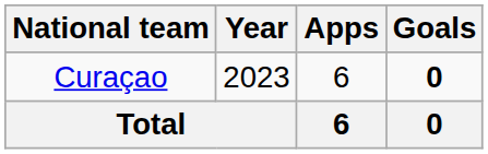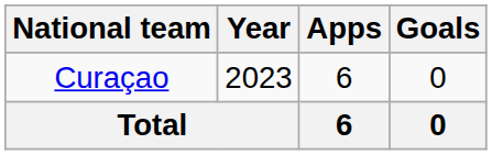 <table class=wikitable style="text-align:center">
 <tr>
 <th>National team</th>
 <th>Year</th>
 <th>Apps</th>
 <th>Goals</th>
 </tr>
 <tr>
 <td><a href='#'>Curaçao</a></td>
 <td>2023</td>
 <td>6</td>
-<td><strong>0</strong></td>
+<td>0</td>
 </tr>
 <tr>
 <th colspan="2">Total</th>
 <th>6</th>
 <th>0</th>
 </tr>
 </table>
